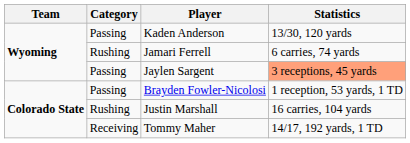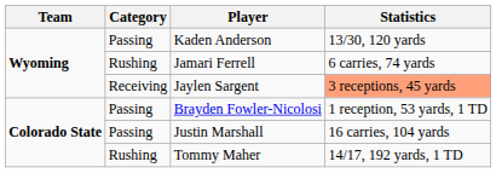 <table class="wikitable" style="float: right;">
 <tr>
 <th>Team</th>
 <th>Category</th>
 <th>Player</th>
 <th>Statistics</th>
 </tr>
 <tr>
 <td rowspan=3><strong>Wyoming</strong></td>
 <td>Passing</td>
 <td>Kaden Anderson</td>
 <td>13/30, 120 yards</td>
 </tr>
 <tr>
 <td>Rushing</td>
 <td>Jamari Ferrell</td>
 <td>6 carries, 74 yards</td>
 </tr>
 <tr>
-<td>Passing</td>
+<td>Receiving</td>
 <td>Jaylen Sargent</td>
 <td style="background: lightsalmon;">3 receptions, 45 yards</td>
 </tr>
 <tr>
 <td rowspan=3><strong>Colorado State</strong></td>
 <td>Passing</td>
 <td><a href='#'>Brayden Fowler-Nicolosi</a></td>
 <td>1 reception, 53 yards, 1 TD</td>
 </tr>
 <tr>
-<td>Rushing</td>
+<td>Passing</td>
 <td>Justin Marshall</td>
 <td>16 carries, 104 yards</td>
 </tr>
 <tr>
-<td>Receiving</td>
+<td>Rushing</td>
 <td>Tommy Maher</td>
 <td>14/17, 192 yards, 1 TD</td>
 </tr>
 </table>
